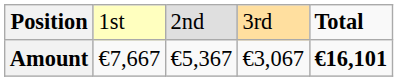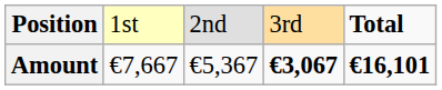 <table class="wikitable">
 <tr>
 <th>Position</th>
 <td bgcolor="#ffffbf">1st</td>
 <td bgcolor="#dfdfdf">2nd</td>
 <td bgcolor="#ffdf9f">3rd</td>
 <td><strong>Total</strong></td>
 </tr>
 <tr>
 <th>Amount</th>
 <td>€7,667</td>
 <td>€5,367</td>
-<td>€3,067</td>
+<td><strong>€3,067</strong></td>
 <td><strong>€16,101</strong></td>
 </tr>
 </table>
